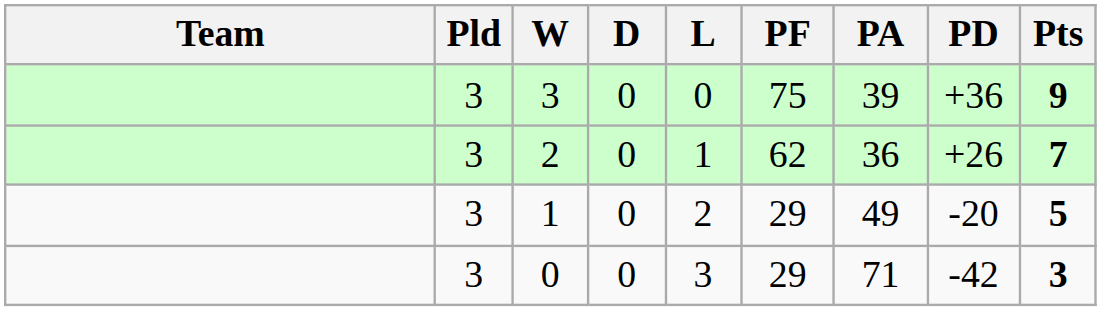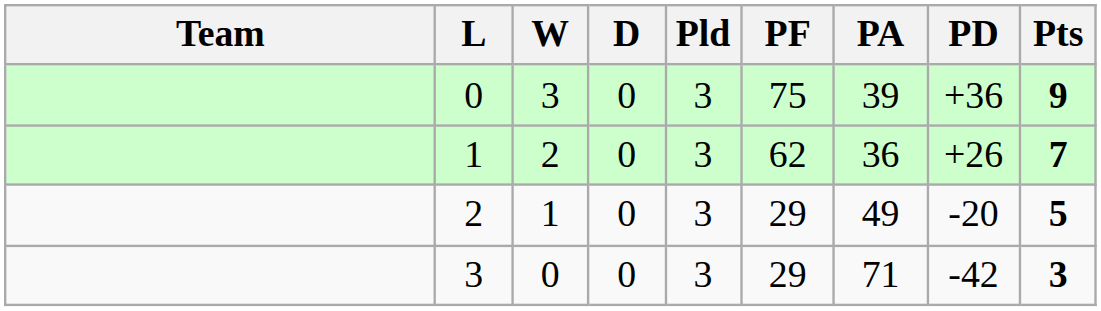 <table class="wikitable" style="text-align:center;">
 <tr>
 <th width=175>Team</th>
-<th width=25 abbr="Played">Pld</th>
+<th width=25 abbr="Lost">L</th>
 <th width=25 abbr="Won">W</th>
 <th width=25 abbr="Drawn">D</th>
-<th width=25 abbr="Lost">L</th>
+<th width=25 abbr="Played">Pld</th>
 <th width=32 abbr="Points for">PF</th>
 <th width=32 abbr="Points against">PA</th>
 <th width=32 abbr="Points difference">PD</th>
 <th width=25 abbr="Points">Pts</th>
 </tr>
 <tr bgcolor=ccffcc>
 <td align=left></td>
-<td>3</td>
+<td>0</td>
 <td>3</td>
 <td>0</td>
-<td>0</td>
+<td>3</td>
 <td>75</td>
 <td>39</td>
 <td>+36</td>
 <td><strong>9</strong></td>
 </tr>
 <tr bgcolor=ccffcc>
 <td align=left></td>
-<td>3</td>
+<td>1</td>
 <td>2</td>
 <td>0</td>
-<td>1</td>
+<td>3</td>
 <td>62</td>
 <td>36</td>
 <td>+26</td>
 <td><strong>7</strong></td>
 </tr>
 <tr>
 <td align=left></td>
-<td>3</td>
+<td>2</td>
 <td>1</td>
 <td>0</td>
-<td>2</td>
+<td>3</td>
 <td>29</td>
 <td>49</td>
 <td>-20</td>
 <td><strong>5</strong></td>
 </tr>
 <tr>
 <td align=left></td>
 <td>3</td>
 <td>0</td>
 <td>0</td>
 <td>3</td>
 <td>29</td>
 <td>71</td>
 <td>-42</td>
 <td><strong>3</strong></td>
 </tr>
 </table>
